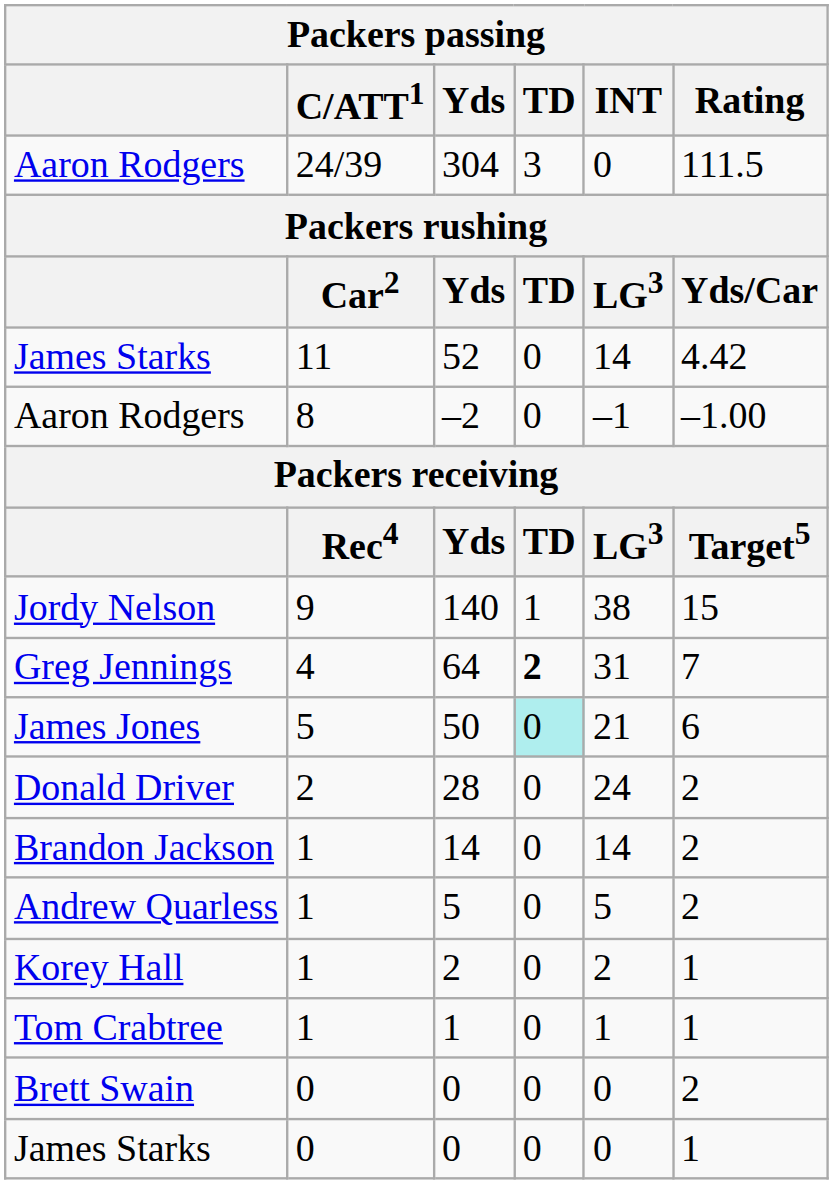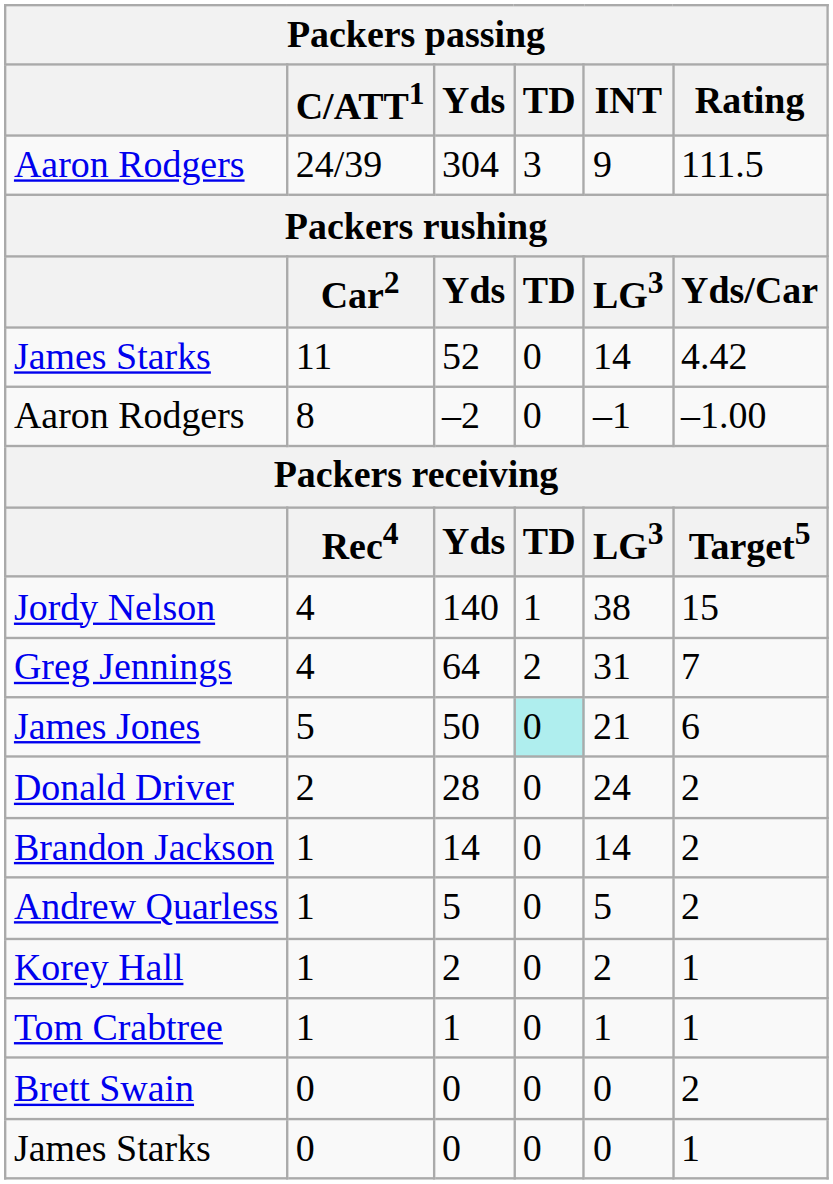 <table class="wikitable">
 <tr>
 <th colspan="6">Packers passing</th>
 </tr>
 <tr>
 <th></th>
 <th>C/ATT<sup>1</sup></th>
 <th>Yds</th>
 <th>TD</th>
 <th>INT</th>
 <th>Rating</th>
 </tr>
 <tr>
 <td><a href='#'>Aaron Rodgers</a></td>
 <td>24/39</td>
 <td>304</td>
 <td>3</td>
-<td>0</td>
+<td>9</td>
 <td>111.5</td>
 </tr>
 <tr>
 <th colspan="6">Packers rushing</th>
 </tr>
 <tr>
 <th></th>
 <th>Car<sup>2</sup></th>
 <th>Yds</th>
 <th>TD</th>
 <th>LG<sup>3</sup></th>
 <th>Yds/Car</th>
 </tr>
 <tr>
 <td><a href='#'>James Starks</a></td>
 <td>11</td>
 <td>52</td>
 <td>0</td>
 <td>14</td>
 <td>4.42</td>
 </tr>
 <tr>
 <td>Aaron Rodgers</td>
 <td>8</td>
 <td>–2</td>
 <td>0</td>
 <td>–1</td>
 <td>–1.00</td>
 </tr>
 <tr>
 <th colspan="6">Packers receiving</th>
 </tr>
 <tr>
 <th></th>
 <th>Rec<sup>4</sup></th>
 <th>Yds</th>
 <th>TD</th>
 <th>LG<sup>3</sup></th>
 <th>Target<sup>5</sup></th>
 </tr>
 <tr>
 <td><a href='#'>Jordy Nelson</a></td>
-<td>9</td>
+<td>4</td>
 <td>140</td>
 <td>1</td>
 <td>38</td>
 <td>15</td>
 </tr>
 <tr>
 <td><a href='#'>Greg Jennings</a></td>
 <td>4</td>
 <td>64</td>
-<td><strong>2</strong></td>
+<td>2</td>
 <td>31</td>
 <td>7</td>
 </tr>
 <tr>
 <td><a href='#'>James Jones</a></td>
 <td>5</td>
 <td>50</td>
 <td style="background: paleturquoise;">0</td>
 <td>21</td>
 <td>6</td>
 </tr>
 <tr>
 <td><a href='#'>Donald Driver</a></td>
 <td>2</td>
 <td>28</td>
 <td>0</td>
 <td>24</td>
 <td>2</td>
 </tr>
 <tr>
 <td><a href='#'>Brandon Jackson</a></td>
 <td>1</td>
 <td>14</td>
 <td>0</td>
 <td>14</td>
 <td>2</td>
 </tr>
 <tr>
 <td><a href='#'>Andrew Quarless</a></td>
 <td>1</td>
 <td>5</td>
 <td>0</td>
 <td>5</td>
 <td>2</td>
 </tr>
 <tr>
 <td><a href='#'>Korey Hall</a></td>
 <td>1</td>
 <td>2</td>
 <td>0</td>
 <td>2</td>
 <td>1</td>
 </tr>
 <tr>
 <td><a href='#'>Tom Crabtree</a></td>
 <td>1</td>
 <td>1</td>
 <td>0</td>
 <td>1</td>
 <td>1</td>
 </tr>
 <tr>
 <td><a href='#'>Brett Swain</a></td>
 <td>0</td>
 <td>0</td>
 <td>0</td>
 <td>0</td>
 <td>2</td>
 </tr>
 <tr>
 <td>James Starks</td>
 <td>0</td>
 <td>0</td>
 <td>0</td>
 <td>0</td>
 <td>1</td>
 </tr>
 </table>
